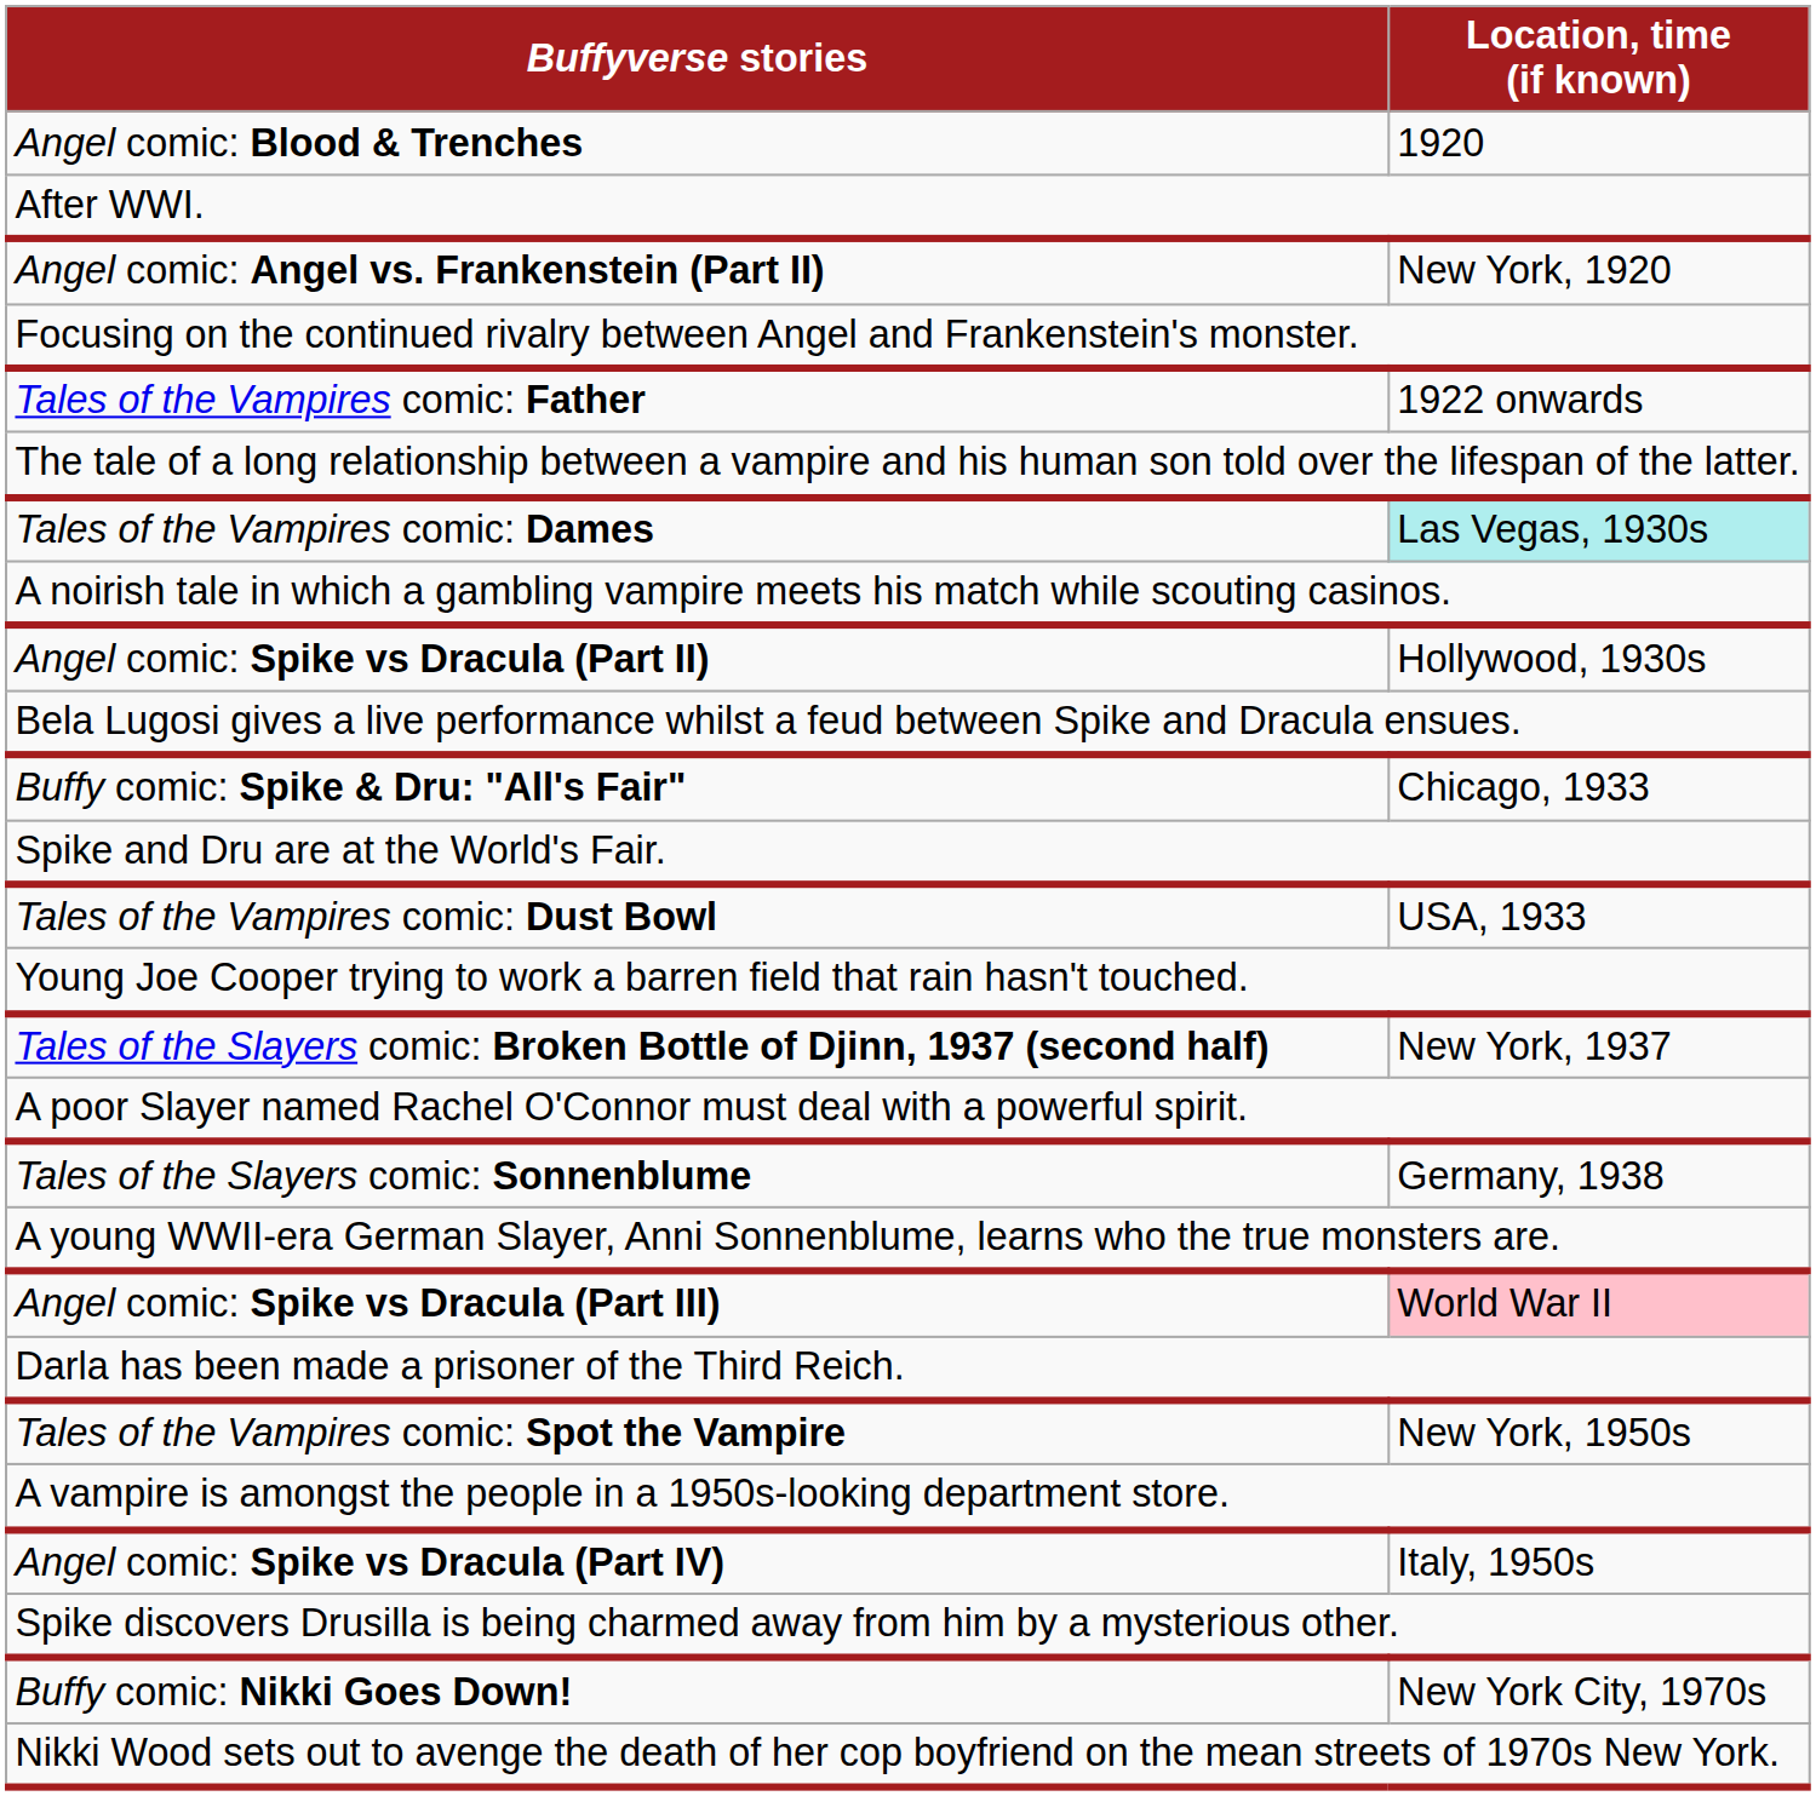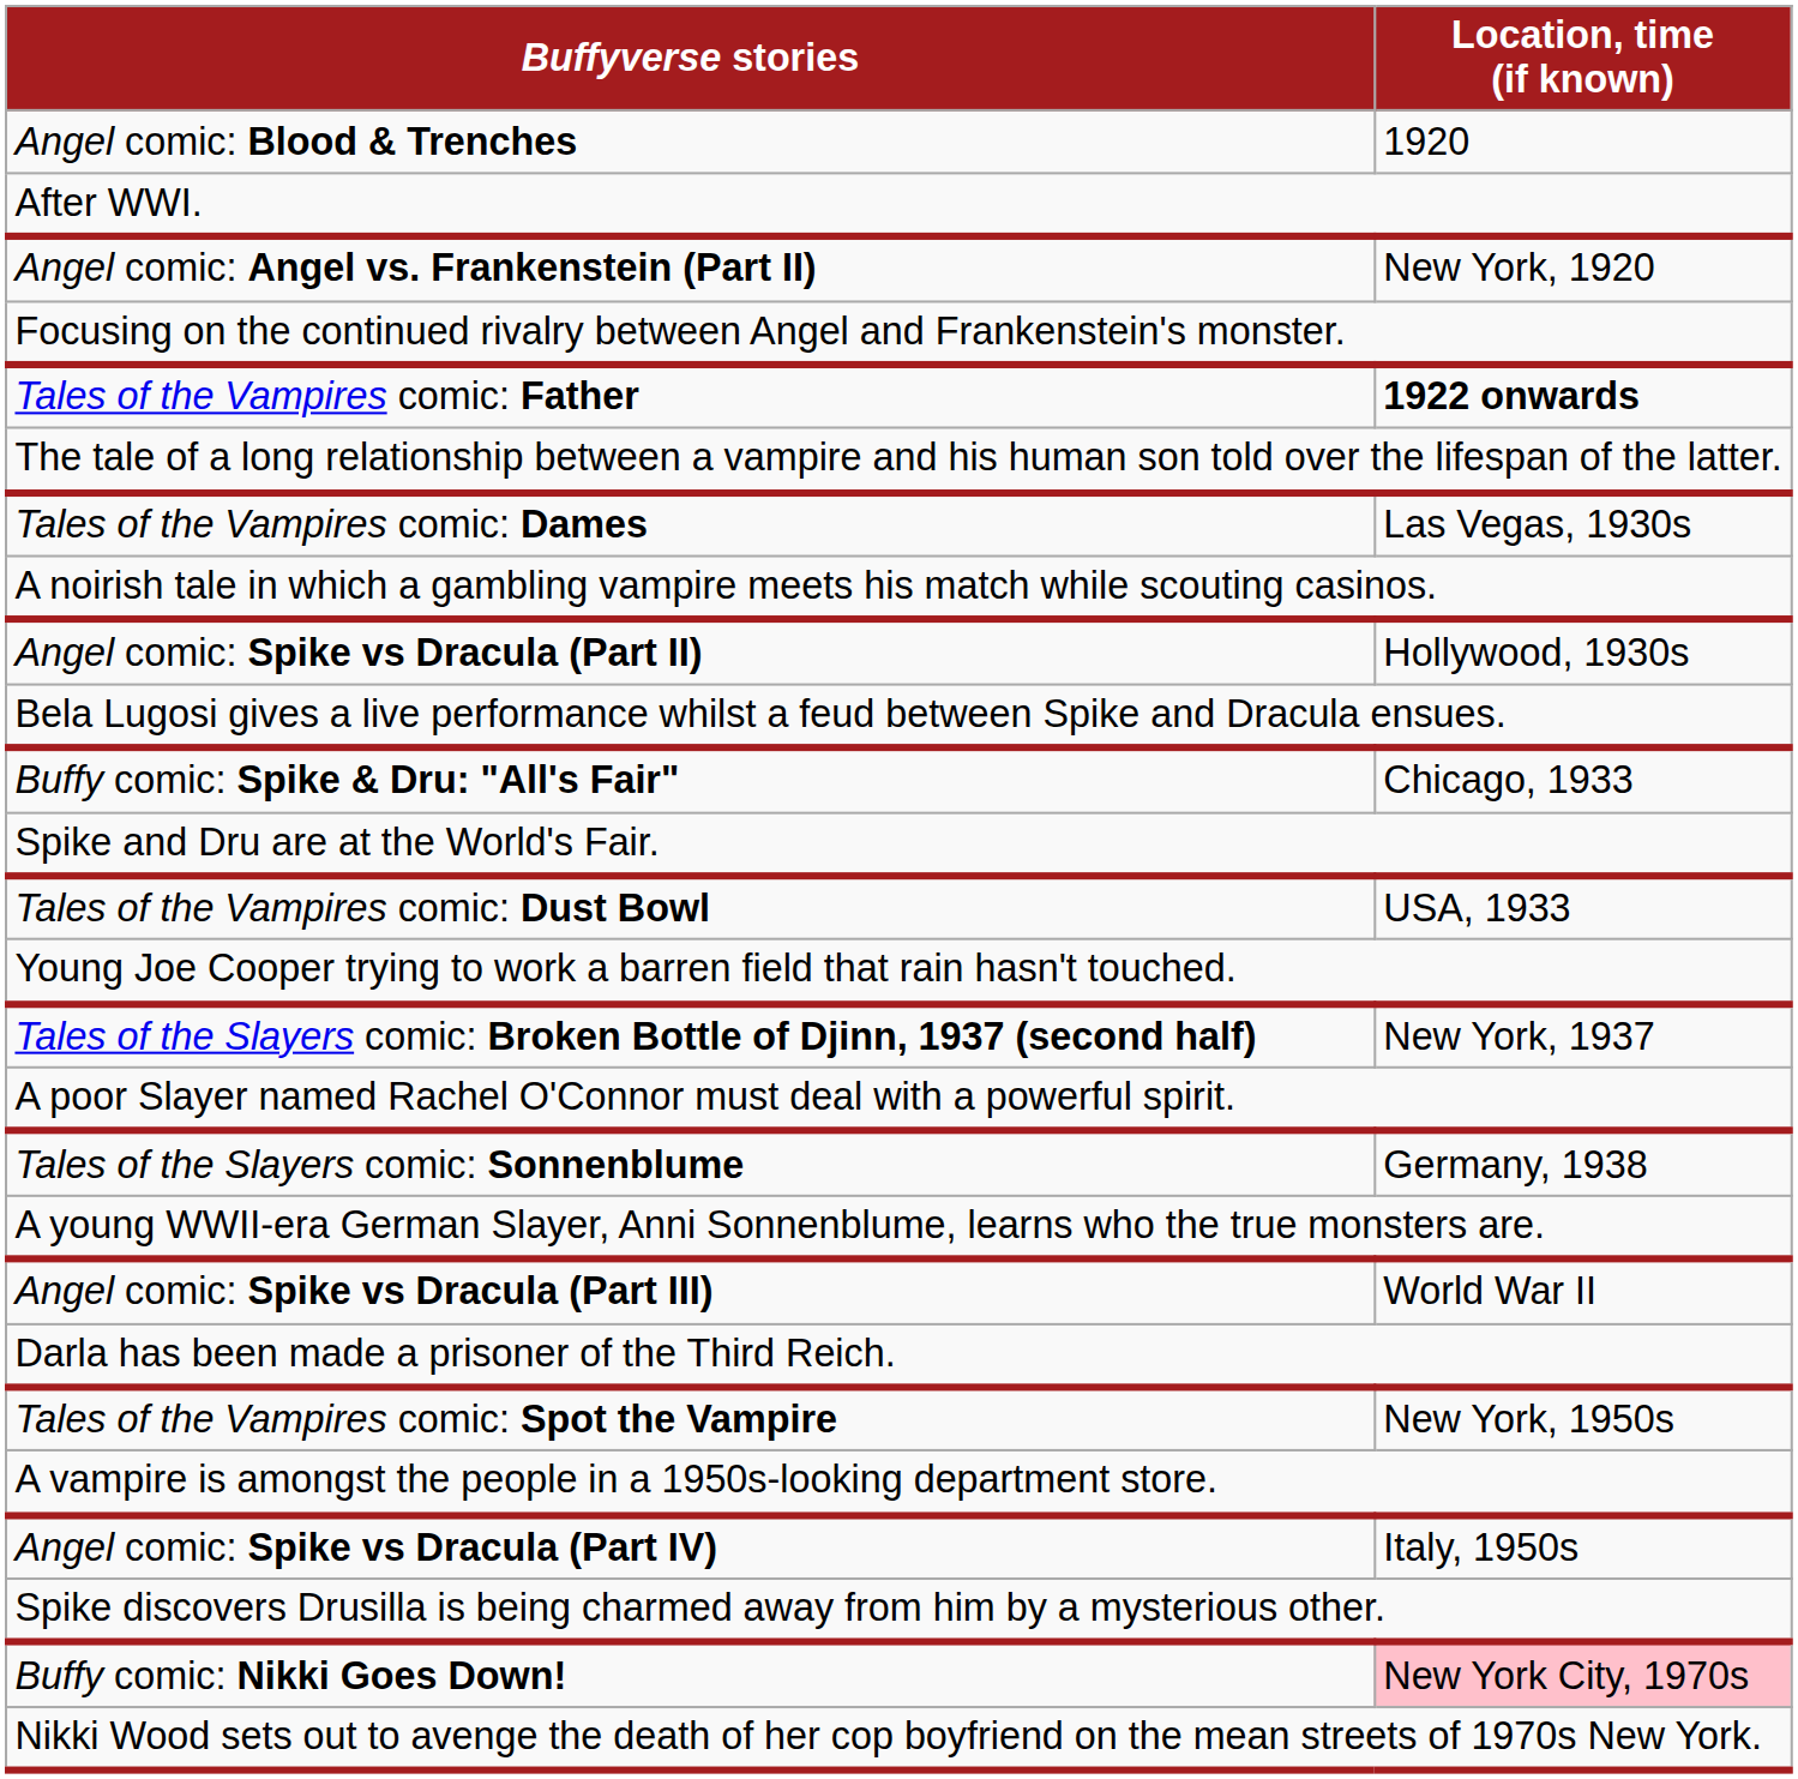 <table class="wikitable">
 <tr>
 <th style="background: #A41C1E; color: white;"><em>Buffyverse</em> stories</th>
 <th style="background: #A41C1E; color: white;"><strong>Location, time</strong><br>(if known)</th>
 </tr>
 <tr>
 <td><em>Angel</em> comic: <strong>Blood & Trenches</strong></td>
 <td>1920</td>
 </tr>
 <tr>
 <td style="border-bottom: 3px solid #A41C1E;" colspan="2">After WWI.</td>
 </tr>
 <tr>
 <td><em>Angel</em> comic: <strong>Angel vs. Frankenstein (Part II)</strong></td>
 <td>New York, 1920</td>
 </tr>
 <tr>
 <td style="border-bottom: 3px solid #A41C1E;" colspan="2">Focusing on the continued rivalry between Angel and Frankenstein's monster.</td>
 </tr>
 <tr>
 <td><em><a href='#'>Tales of the Vampires</a></em> comic: <strong>Father</strong></td>
-<td>1922 onwards</td>
+<td><strong>1922 onwards</strong></td>
 </tr>
 <tr>
 <td style="border-bottom: 3px solid #A41C1E;" colspan="2">The tale of a long relationship between a vampire and his human son told over the lifespan of the latter.</td>
 </tr>
 <tr>
 <td><em>Tales of the Vampires</em> comic: <strong>Dames</strong></td>
-<td style="background: paleturquoise;">Las Vegas, 1930s</td>
+<td>Las Vegas, 1930s</td>
 </tr>
 <tr>
 <td style="border-bottom: 3px solid #A41C1E;" colspan="2">A noirish tale in which a gambling vampire meets his match while scouting casinos.</td>
 </tr>
 <tr>
 <td><em>Angel</em> comic: <strong>Spike vs Dracula (Part II)</strong></td>
 <td>Hollywood, 1930s</td>
 </tr>
 <tr>
 <td style="border-bottom: 3px solid #A41C1E;" colspan="2">Bela Lugosi gives a live performance whilst a feud between Spike and Dracula ensues.</td>
 </tr>
 <tr>
 <td><em>Buffy</em> comic: <strong>Spike & Dru: "All's Fair"</strong></td>
 <td>Chicago, 1933</td>
 </tr>
 <tr>
 <td style="border-bottom: 3px solid #A41C1E;" colspan="2">Spike and Dru are at the World's Fair.</td>
 </tr>
 <tr>
 <td><em>Tales of the Vampires</em> comic: <strong>Dust Bowl</strong></td>
 <td>USA, 1933</td>
 </tr>
 <tr>
 <td style="border-bottom: 3px solid #A41C1E;" colspan="2">Young Joe Cooper trying to work a barren field that rain hasn't touched.</td>
 </tr>
 <tr ' Tales of the Slayers comic: >
 <td><em><a href='#'>Tales of the Slayers</a></em> comic: <strong>Broken Bottle of Djinn, 1937 (second half)</strong></td>
 <td>New York, 1937</td>
 </tr>
 <tr>
 <td style="border-bottom: 3px solid #A41C1E;" colspan="2">A poor Slayer named Rachel O'Connor must deal with a powerful spirit.</td>
 </tr>
 <tr>
 <td><em>Tales of the Slayers</em> comic: <strong>Sonnenblume</strong></td>
 <td>Germany, 1938</td>
 </tr>
 <tr>
 <td style="border-bottom: 3px solid #A41C1E;" colspan="2">A young WWII-era German Slayer, Anni Sonnenblume, learns who the true monsters are.</td>
 </tr>
 <tr ' Angel comic: Spike vs Dracula (part three)>
 <td><em>Angel</em> comic: <strong>Spike vs Dracula (Part III)</strong></td>
-<td style="background: pink;">World War II</td>
+<td>World War II</td>
 </tr>
 <tr>
 <td style="border-bottom: 3px solid #A41C1E;" colspan="2">Darla has been made a prisoner of the Third Reich.</td>
 </tr>
 <tr>
 <td><em>Tales of the Vampires</em> comic: <strong>Spot the Vampire</strong></td>
 <td>New York, 1950s</td>
 </tr>
 <tr>
 <td style="border-bottom: 3px solid #A41C1E;" colspan="2">A vampire is amongst the people in a 1950s-looking department store.</td>
 </tr>
 <tr>
 <td><em>Angel</em> comic: <strong>Spike vs Dracula (Part IV)</strong></td>
 <td>Italy, 1950s</td>
 </tr>
 <tr>
 <td style="border-bottom: 3px solid #A41C1E;" colspan="2">Spike discovers Drusilla is being charmed away from him by a mysterious other.</td>
 </tr>
 <tr>
 <td><em>Buffy</em> comic: <strong>Nikki Goes Down!</strong></td>
-<td>New York City, 1970s</td>
+<td style="background: pink;">New York City, 1970s</td>
 </tr>
 <tr>
 <td style="border-bottom: 3px solid #A41C1E;" colspan="2">Nikki Wood sets out to avenge the death of her cop boyfriend on the mean streets of 1970s New York.</td>
 </tr>
 </table>
